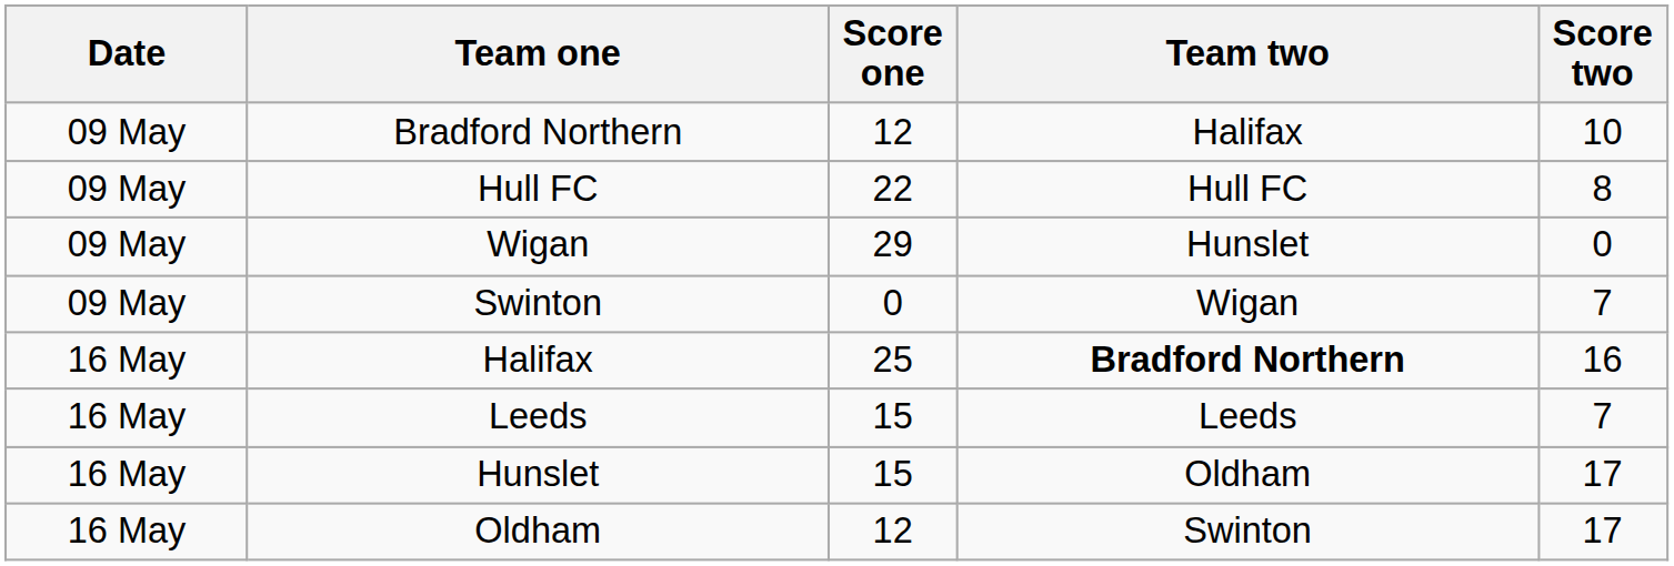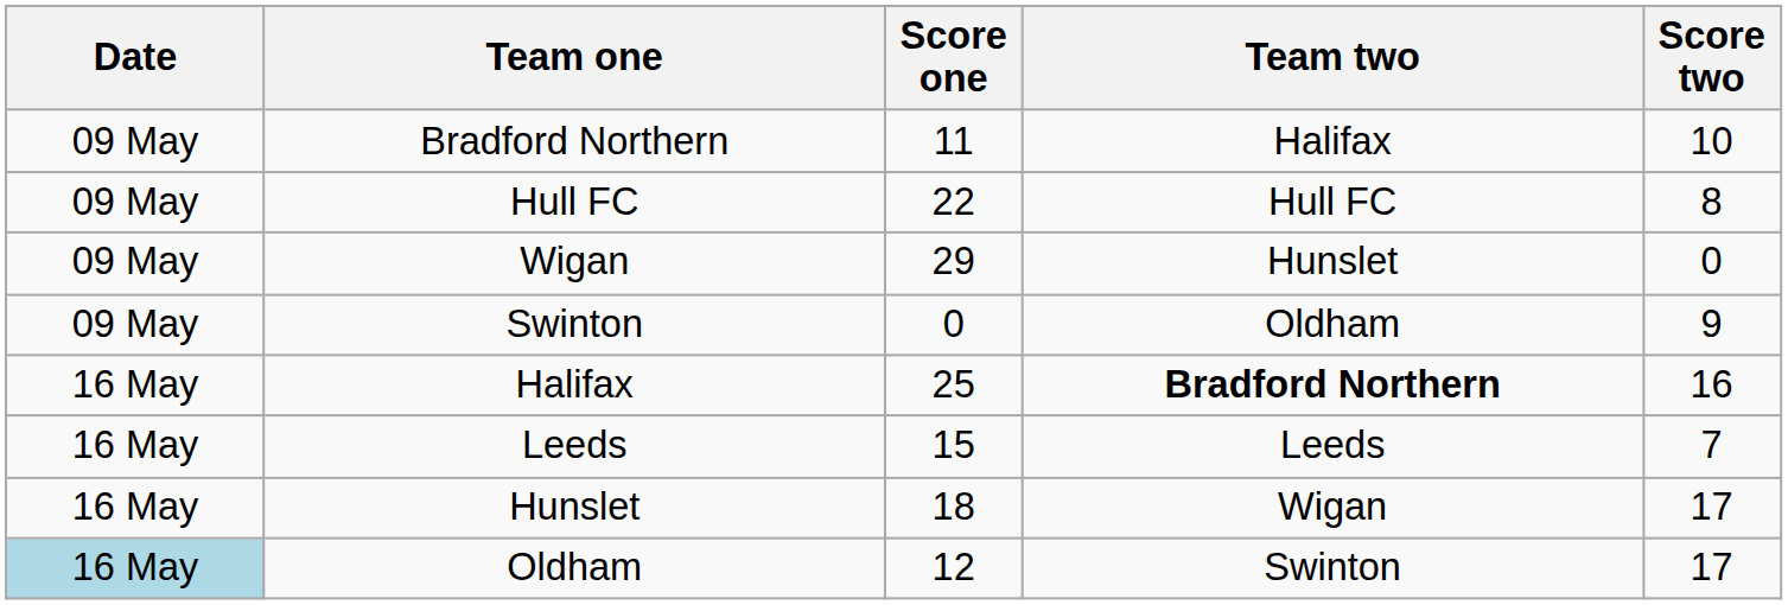 <table class="wikitable" style="text-align: center">
 <tr>
 <th width=100>Date</th>
 <th width=250>Team one</th>
 <th width=50>Score one</th>
 <th width=250>Team two</th>
 <th width=50>Score two</th>
 </tr>
 <tr>
 <td>09 May</td>
 <td>Bradford Northern</td>
-<td>12</td>
+<td>11</td>
 <td>Halifax</td>
 <td>10</td>
 </tr>
 <tr>
 <td>09 May</td>
 <td>Hull FC</td>
 <td>22</td>
 <td>Hull FC</td>
 <td>8</td>
 </tr>
 <tr>
 <td>09 May</td>
 <td>Wigan</td>
 <td>29</td>
 <td>Hunslet</td>
 <td>0</td>
 </tr>
 <tr>
 <td>09 May</td>
 <td>Swinton</td>
 <td>0</td>
-<td>Wigan</td>
-<td>7</td>
+<td>Oldham</td>
+<td>9</td>
 </tr>
 <tr>
 <td>16 May</td>
 <td>Halifax</td>
 <td>25</td>
 <td><strong>Bradford Northern</strong></td>
 <td>16</td>
 </tr>
 <tr>
 <td>16 May</td>
 <td>Leeds</td>
 <td>15</td>
 <td>Leeds</td>
 <td>7</td>
 </tr>
 <tr>
 <td>16 May</td>
 <td>Hunslet</td>
-<td>15</td>
-<td>Oldham</td>
+<td>18</td>
+<td>Wigan</td>
 <td>17</td>
 </tr>
 <tr>
-<td>16 May</td>
+<td style="background: lightblue;">16 May</td>
 <td>Oldham</td>
 <td>12</td>
 <td>Swinton</td>
 <td>17</td>
 </tr>
 </table>
